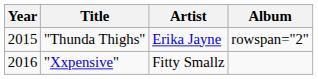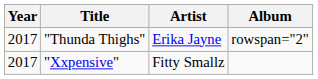 <table class="wikitable sortable">
 <tr>
 <th>Year</th>
 <th>Title</th>
 <th>Artist</th>
 <th>Album</th>
 </tr>
 <tr>
-<td>2015</td>
+<td>2017</td>
 <td>"Thunda Thighs"</td>
 <td><a href='#'>Erika Jayne</a></td>
 <td>rowspan="2"</td>
 </tr>
 <tr>
-<td>2016</td>
+<td>2017</td>
 <td>"<a href='#'>Xxpensive</a>"</td>
 <td>Fitty Smallz</td>
 </tr>
 </table>
